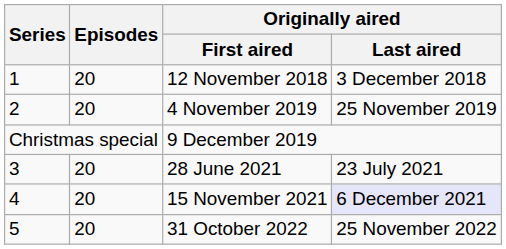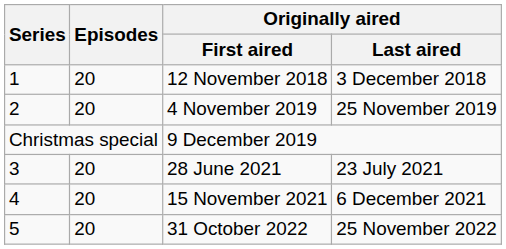 <table class="wikitable">
 <tr>
 <th rowspan="2">Series</th>
 <th rowspan="2">Episodes</th>
 <th colspan="2">Originally aired</th>
 </tr>
 <tr>
 <th>First aired</th>
 <th>Last aired</th>
 </tr>
 <tr>
 <td>1</td>
 <td>20</td>
 <td>12 November 2018</td>
 <td>3 December 2018</td>
 </tr>
 <tr>
 <td>2</td>
 <td>20</td>
 <td>4 November 2019</td>
 <td>25 November 2019</td>
 </tr>
 <tr>
 <td colspan="2">Christmas special</td>
 <td colspan="2">9 December 2019</td>
 </tr>
 <tr>
 <td>3</td>
 <td>20</td>
 <td>28 June 2021</td>
 <td>23 July 2021</td>
 </tr>
 <tr>
 <td>4</td>
 <td>20</td>
 <td>15 November 2021</td>
-<td style="background: lavender;">6 December 2021</td>
+<td>6 December 2021</td>
 </tr>
 <tr>
 <td>5</td>
 <td>20</td>
 <td>31 October 2022</td>
 <td>25 November 2022</td>
 </tr>
 </table>
